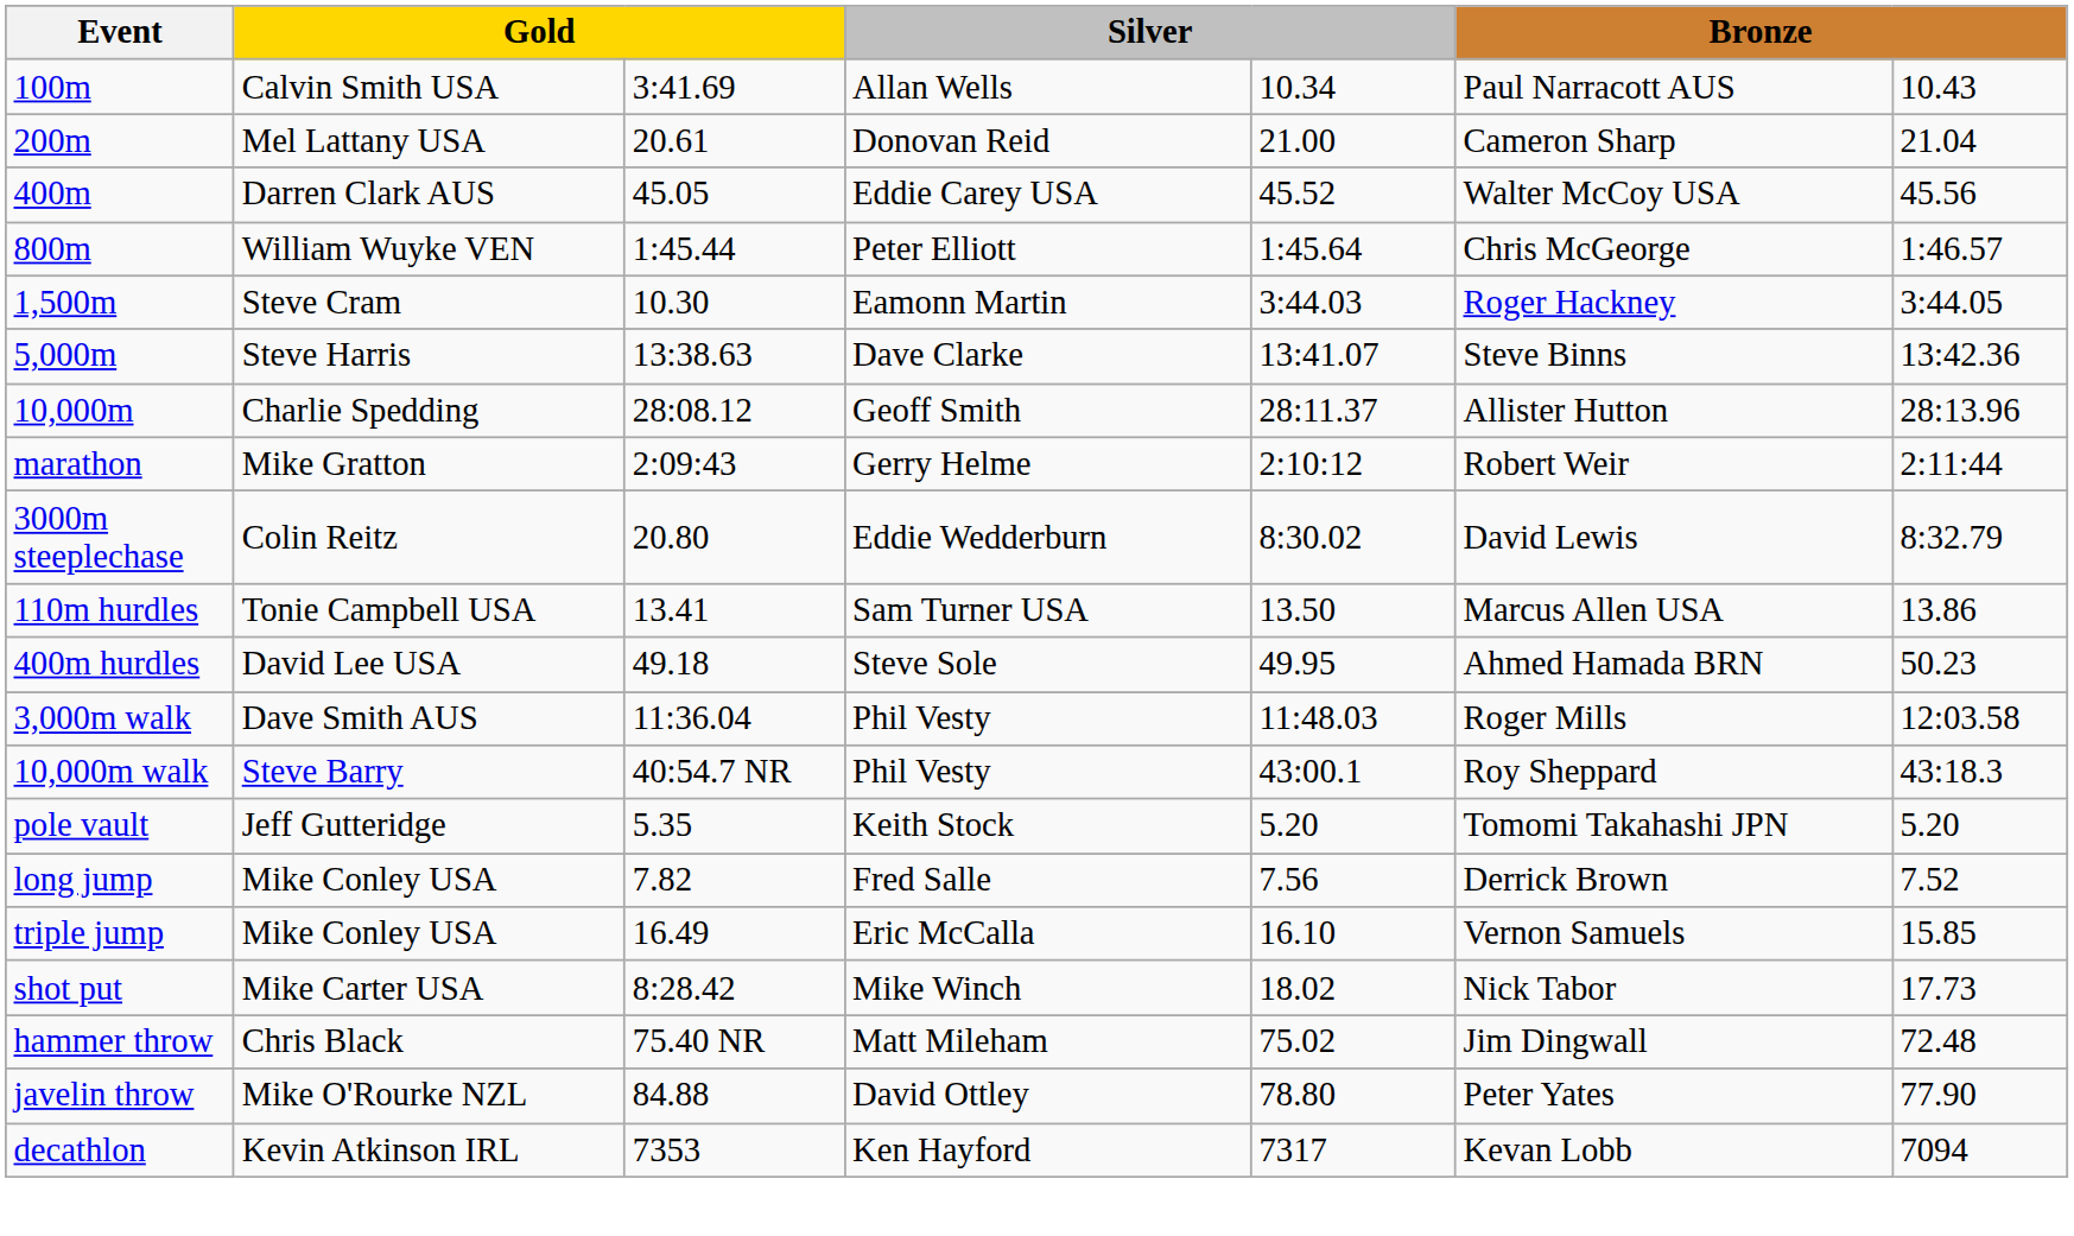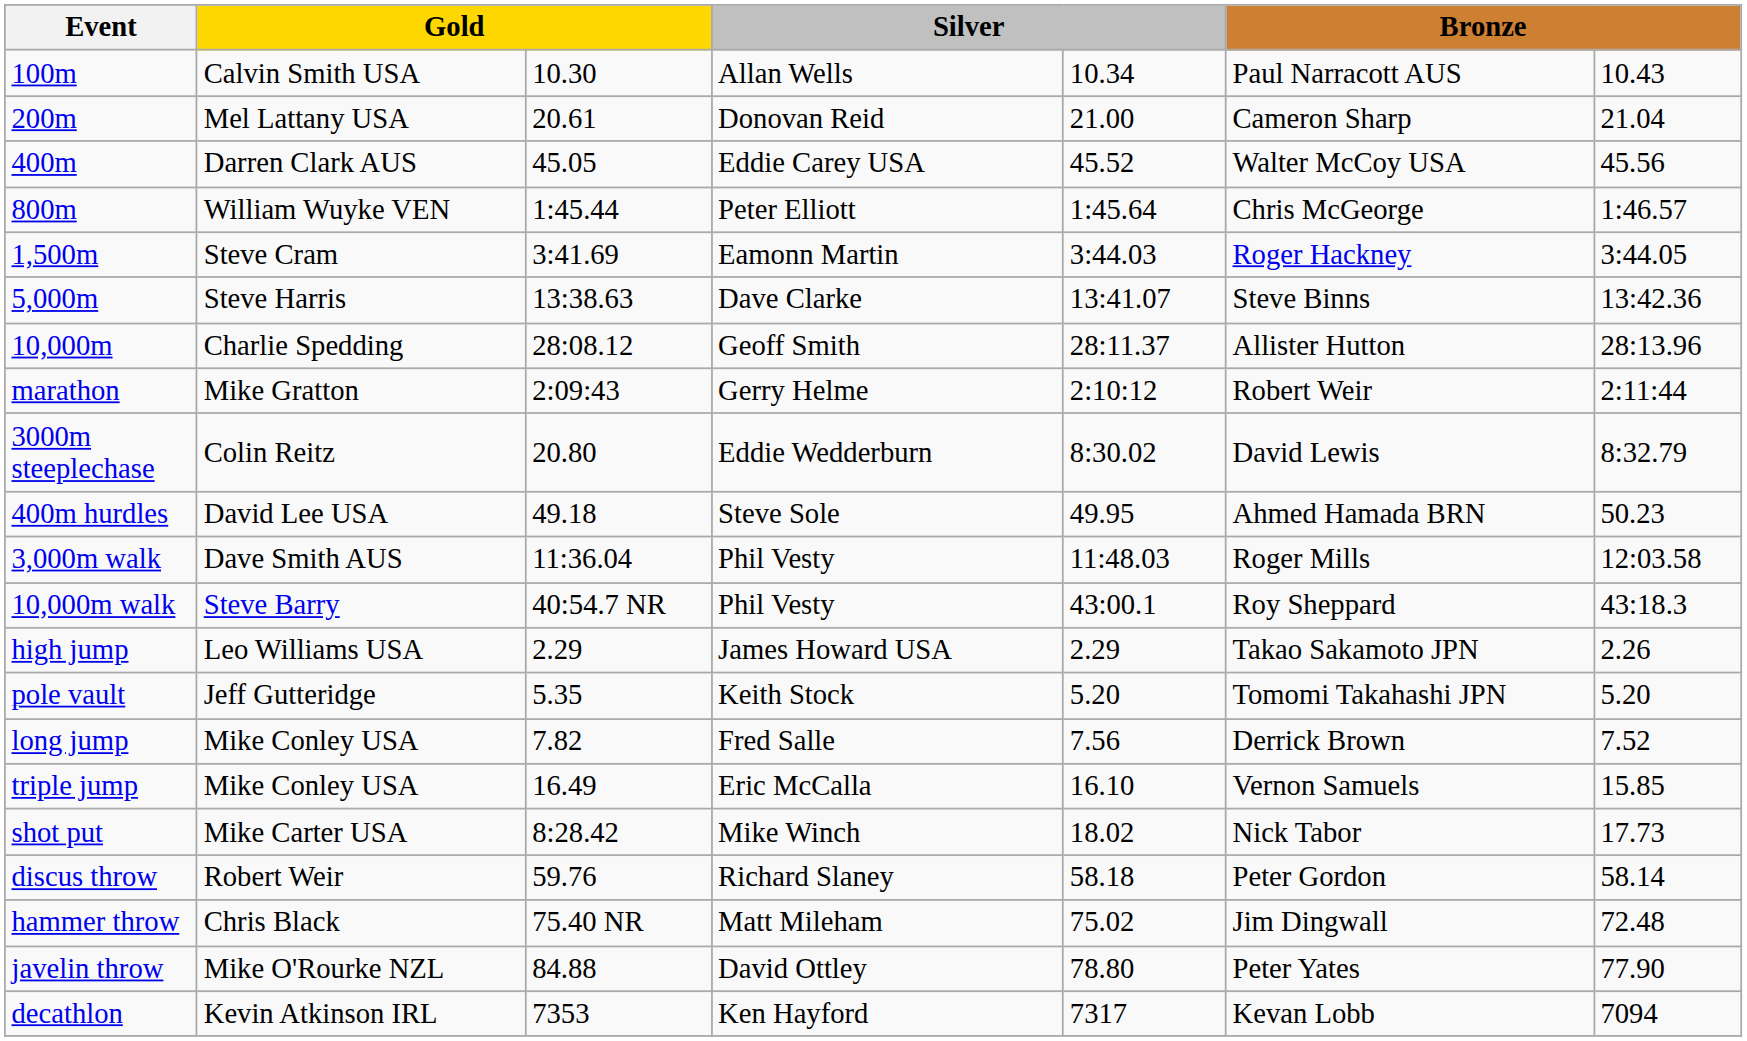 <table class="wikitable" style="text-align:left">
 <tr>
 <th width=100>Event</th>
 <th colspan="2" width="280" style="background:gold;">Gold</th>
 <th colspan="2" width="280" style="background:silver;">Silver</th>
 <th colspan="2" width="280" style="background:#CD7F32;">Bronze</th>
 </tr>
 <tr>
 <td><a href='#'>100m</a></td>
 <td>Calvin Smith USA</td>
-<td>3:41.69</td>
+<td>10.30</td>
 <td> Allan Wells</td>
 <td>10.34</td>
 <td>Paul Narracott AUS</td>
 <td>10.43</td>
 </tr>
 <tr>
 <td><a href='#'>200m</a></td>
 <td>Mel Lattany USA</td>
 <td>20.61</td>
 <td>Donovan Reid</td>
 <td>21.00</td>
 <td> Cameron Sharp</td>
 <td>21.04</td>
 </tr>
 <tr>
 <td><a href='#'>400m</a></td>
 <td>Darren Clark AUS</td>
 <td>45.05</td>
 <td>Eddie Carey USA</td>
 <td>45.52</td>
 <td>Walter McCoy USA</td>
 <td>45.56</td>
 </tr>
 <tr>
 <td><a href='#'>800m</a></td>
 <td>William Wuyke VEN</td>
 <td>1:45.44</td>
 <td>Peter Elliott</td>
 <td>1:45.64</td>
 <td>Chris McGeorge</td>
 <td>1:46.57</td>
 </tr>
 <tr>
 <td><a href='#'>1,500m</a></td>
 <td>Steve Cram</td>
-<td>10.30</td>
+<td>3:41.69</td>
 <td>Eamonn Martin</td>
 <td>3:44.03</td>
 <td> <a href='#'>Roger Hackney</a></td>
 <td>3:44.05</td>
 </tr>
 <tr>
 <td><a href='#'>5,000m</a></td>
 <td>Steve Harris</td>
 <td>13:38.63</td>
 <td>Dave Clarke</td>
 <td>13:41.07</td>
 <td>Steve Binns</td>
 <td>13:42.36</td>
 </tr>
 <tr>
 <td><a href='#'>10,000m</a></td>
 <td>Charlie Spedding</td>
 <td>28:08.12</td>
 <td>Geoff Smith</td>
 <td>28:11.37</td>
 <td>Allister Hutton</td>
 <td>28:13.96</td>
 </tr>
 <tr>
 <td><a href='#'>marathon</a></td>
 <td>Mike Gratton</td>
 <td>2:09:43</td>
 <td>Gerry Helme</td>
 <td>2:10:12</td>
 <td>Robert Weir</td>
 <td>2:11:44</td>
 </tr>
 <tr>
 <td><a href='#'>3000m steeplechase</a></td>
 <td>Colin Reitz</td>
 <td>20.80</td>
 <td>Eddie Wedderburn</td>
 <td>8:30.02</td>
 <td>David Lewis</td>
 <td>8:32.79</td>
 </tr>
 <tr>
-<td><a href='#'>110m hurdles</a></td>
-<td>Tonie Campbell USA</td>
-<td>13.41</td>
-<td>Sam Turner USA</td>
-<td>13.50</td>
-<td>Marcus Allen USA</td>
-<td>13.86</td>
-</tr>
-<tr>
 <td><a href='#'>400m hurdles</a></td>
 <td>David Lee USA</td>
 <td>49.18</td>
 <td>Steve Sole</td>
 <td>49.95</td>
 <td>Ahmed Hamada BRN</td>
 <td>50.23</td>
 </tr>
 <tr>
 <td><a href='#'>3,000m walk</a></td>
 <td>Dave Smith AUS</td>
 <td>11:36.04</td>
 <td>Phil Vesty</td>
 <td>11:48.03</td>
 <td>Roger Mills</td>
 <td>12:03.58</td>
 </tr>
 <tr>
 <td><a href='#'>10,000m walk</a></td>
 <td> <a href='#'>Steve Barry</a></td>
 <td>40:54.7 NR</td>
 <td>Phil Vesty</td>
 <td>43:00.1</td>
 <td>Roy Sheppard</td>
 <td>43:18.3</td>
+</tr>
+<tr>
+<td><a href='#'>high jump</a></td>
+<td>Leo Williams USA</td>
+<td>2.29</td>
+<td>James Howard USA</td>
+<td>2.29</td>
+<td>Takao Sakamoto JPN</td>
+<td>2.26</td>
 </tr>
 <tr>
 <td><a href='#'>pole vault</a></td>
 <td>Jeff Gutteridge</td>
 <td>5.35</td>
 <td>Keith Stock</td>
 <td>5.20</td>
 <td>Tomomi Takahashi JPN</td>
 <td>5.20</td>
 </tr>
 <tr>
 <td><a href='#'>long jump</a></td>
 <td>Mike Conley USA</td>
 <td>7.82</td>
 <td>Fred Salle</td>
 <td>7.56</td>
 <td>Derrick Brown</td>
 <td>7.52</td>
 </tr>
 <tr>
 <td><a href='#'>triple jump</a></td>
 <td>Mike Conley USA</td>
 <td>16.49</td>
 <td>Eric McCalla</td>
 <td>16.10</td>
 <td>Vernon Samuels</td>
 <td>15.85</td>
 </tr>
 <tr>
 <td><a href='#'>shot put</a></td>
 <td>Mike Carter USA</td>
 <td>8:28.42</td>
 <td>Mike Winch</td>
 <td>18.02</td>
 <td>Nick Tabor</td>
 <td>17.73</td>
 </tr>
 <tr>
+<td><a href='#'>discus throw</a></td>
+<td>Robert Weir</td>
+<td>59.76</td>
+<td>Richard Slaney</td>
+<td>58.18</td>
+<td>Peter Gordon</td>
+<td>58.14</td>
+</tr>
+<tr>
 <td><a href='#'>hammer throw</a></td>
 <td> Chris Black</td>
 <td>75.40 NR</td>
 <td>Matt Mileham</td>
 <td>75.02</td>
 <td> Jim Dingwall</td>
 <td>72.48</td>
 </tr>
 <tr>
 <td><a href='#'>javelin throw</a></td>
 <td>Mike O'Rourke NZL</td>
 <td>84.88</td>
 <td>David Ottley</td>
 <td>78.80</td>
 <td>Peter Yates</td>
 <td>77.90</td>
 </tr>
 <tr>
 <td><a href='#'>decathlon</a></td>
 <td>Kevin Atkinson IRL</td>
 <td>7353</td>
 <td>Ken Hayford</td>
 <td>7317</td>
 <td>Kevan Lobb</td>
 <td>7094</td>
 </tr>
 </table>
